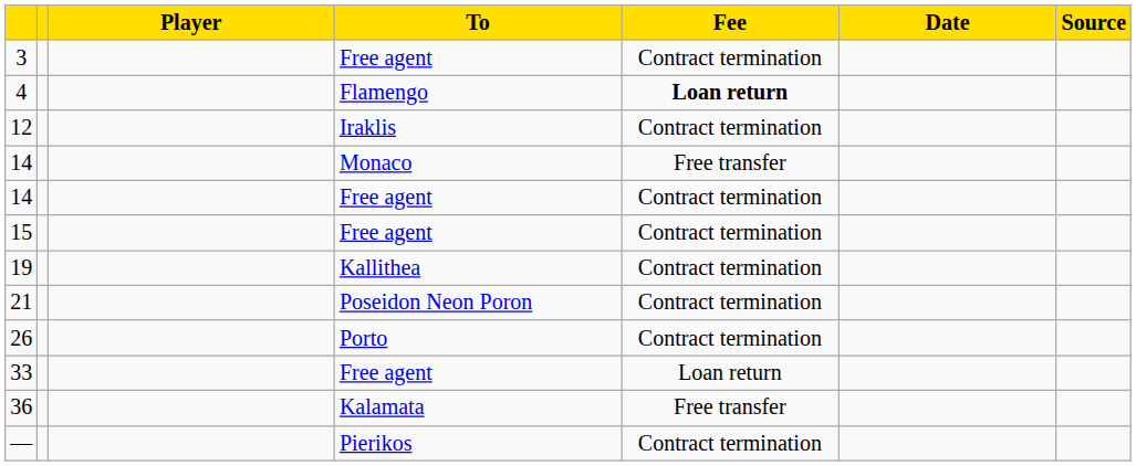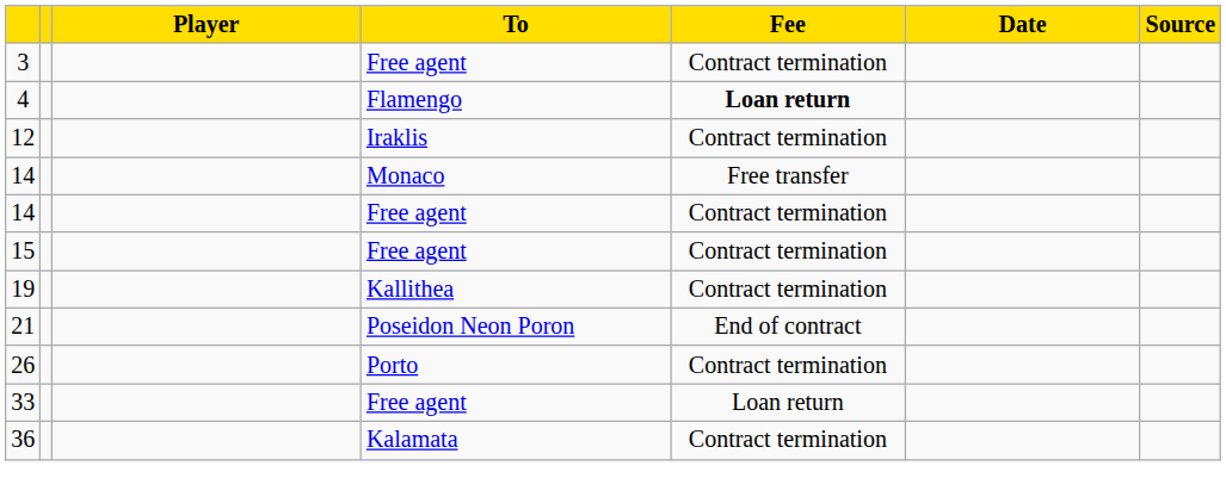 <table class="wikitable sortable">
 <tr>
 <th style="background:#FFDE00"></th>
 <th style="background:#FFDE00"></th>
 <th width=200 style="background:#FFDE00">Player</th>
 <th width=200 style="background:#FFDE00">To</th>
 <th width=150 style="background:#FFDE00">Fee</th>
 <th width=150 style="background:#FFDE00">Date</th>
 <th style="background:#FFDE00">Source</th>
 </tr>
 <tr>
 <td align=center>3</td>
 <td align=center></td>
 <td></td>
 <td><a href='#'>Free agent</a></td>
 <td align=center>Contract termination</td>
 <td align=center></td>
 <td align=center></td>
 </tr>
 <tr>
 <td align=center>4</td>
 <td align=center></td>
 <td></td>
 <td> <a href='#'>Flamengo</a></td>
 <td align=center><strong>Loan return</strong></td>
 <td align=center></td>
 <td align=center></td>
 </tr>
 <tr>
 <td align=center>12</td>
 <td align=center></td>
 <td></td>
 <td> <a href='#'>Iraklis</a></td>
 <td align=center>Contract termination</td>
 <td align=center></td>
 <td align=center></td>
 </tr>
 <tr>
 <td align=center>14</td>
 <td align=center></td>
 <td></td>
 <td> <a href='#'>Monaco</a></td>
 <td align=center>Free transfer</td>
 <td align=center></td>
 <td align=center></td>
 </tr>
 <tr>
 <td align=center>14</td>
 <td align=center></td>
 <td></td>
 <td><a href='#'>Free agent</a></td>
 <td align=center>Contract termination</td>
 <td align=center></td>
 <td align=center></td>
 </tr>
 <tr>
 <td align=center>15</td>
 <td align=center></td>
 <td></td>
 <td><a href='#'>Free agent</a></td>
 <td align=center>Contract termination</td>
 <td align=center></td>
 <td align=center></td>
 </tr>
 <tr>
 <td align=center>19</td>
 <td align=center></td>
 <td></td>
 <td> <a href='#'>Kallithea</a></td>
 <td align=center>Contract termination</td>
 <td align=center></td>
 <td align=center></td>
 </tr>
 <tr>
 <td align=center>21</td>
 <td align=center></td>
 <td></td>
 <td> <a href='#'>Poseidon Neon Poron</a></td>
-<td align=center>Contract termination</td>
+<td align=center>End of contract</td>
 <td align=center></td>
 <td align=center></td>
 </tr>
 <tr>
 <td align=center>26</td>
 <td align=center></td>
 <td></td>
 <td> <a href='#'>Porto</a></td>
 <td align=center>Contract termination</td>
 <td align=center></td>
 <td align=center></td>
 </tr>
 <tr>
 <td align=center>33</td>
 <td align=center></td>
 <td></td>
 <td><a href='#'>Free agent</a></td>
 <td align=center>Loan return</td>
 <td align=center></td>
 <td align=center></td>
 </tr>
 <tr>
 <td align=center>36</td>
 <td align=center></td>
 <td></td>
 <td> <a href='#'>Kalamata</a></td>
-<td align=center>Free transfer</td>
-<td align=center></td>
-<td align=center></td>
-</tr>
-<tr>
-<td align=center>—</td>
-<td align=center></td>
-<td></td>
-<td> <a href='#'>Pierikos</a></td>
 <td align=center>Contract termination</td>
 <td align=center></td>
 <td align=center></td>
 </tr>
 </table>
